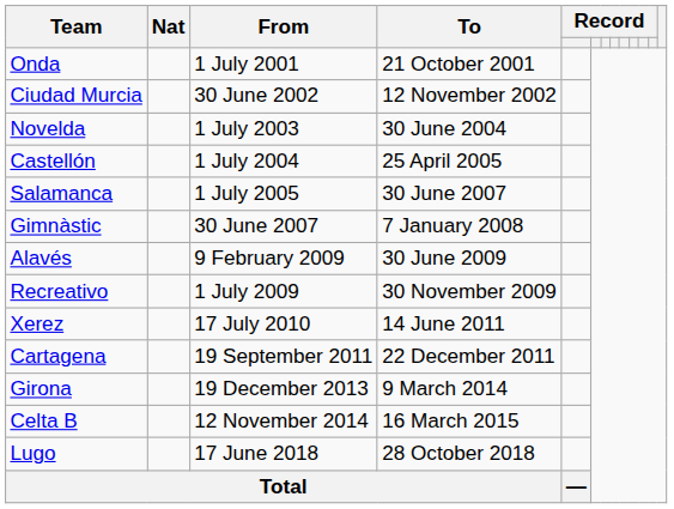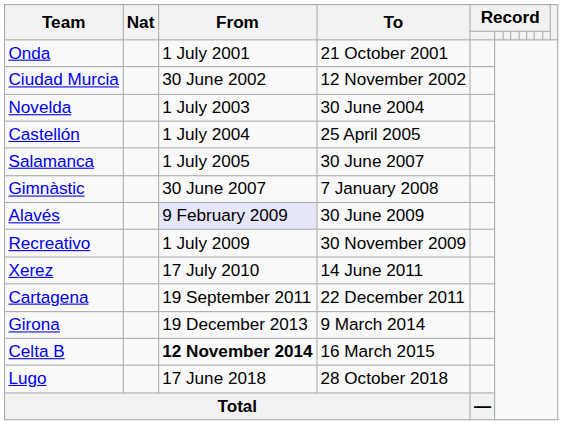 <table class="wikitable" style="text-align: center">
 <tr>
 <th rowspan="2">Team</th>
 <th rowspan="2">Nat</th>
 <th rowspan="2">From</th>
 <th rowspan="2">To</th>
 <th colspan="8">Record</th>
 <th rowspan=2></th>
 </tr>
 <tr>
 <th></th>
 <th></th>
 <th></th>
 <th></th>
 <th></th>
 <th></th>
 <th></th>
 <th></th>
 </tr>
 <tr>
 <td align=left><a href='#'>Onda</a></td>
 <td></td>
 <td align=left>1 July 2001</td>
 <td align=left>21 October 2001<br></td>
 <td></td>
 </tr>
 <tr>
 <td align=left><a href='#'>Ciudad Murcia</a></td>
 <td></td>
 <td align=left>30 June 2002</td>
 <td align=left>12 November 2002<br></td>
 <td></td>
 </tr>
 <tr>
 <td align=left><a href='#'>Novelda</a></td>
 <td></td>
 <td align=left>1 July 2003</td>
 <td align=left>30 June 2004<br></td>
 <td></td>
 </tr>
 <tr>
 <td align=left><a href='#'>Castellón</a></td>
 <td></td>
 <td align=left>1 July 2004</td>
 <td align=left>25 April 2005<br></td>
 <td></td>
 </tr>
 <tr>
 <td align=left><a href='#'>Salamanca</a></td>
 <td></td>
 <td align=left>1 July 2005</td>
 <td align=left>30 June 2007<br></td>
 <td></td>
 </tr>
 <tr>
 <td align=left><a href='#'>Gimnàstic</a></td>
 <td></td>
 <td align=left>30 June 2007</td>
 <td align=left>7 January 2008<br></td>
 <td></td>
 </tr>
 <tr>
 <td align=left><a href='#'>Alavés</a></td>
 <td></td>
-<td align=left>9 February 2009</td>
+<td align=left style="background: lavender;">9 February 2009</td>
 <td align=left>30 June 2009<br></td>
 <td></td>
 </tr>
 <tr>
 <td align=left><a href='#'>Recreativo</a></td>
 <td></td>
 <td align=left>1 July 2009</td>
 <td align=left>30 November 2009<br></td>
 <td></td>
 </tr>
 <tr>
 <td align=left><a href='#'>Xerez</a></td>
 <td></td>
 <td align=left>17 July 2010</td>
 <td align=left>14 June 2011<br></td>
 <td></td>
 </tr>
 <tr>
 <td align=left><a href='#'>Cartagena</a></td>
 <td></td>
 <td align=left>19 September 2011</td>
 <td align=left>22 December 2011<br></td>
 <td></td>
 </tr>
 <tr>
 <td align=left><a href='#'>Girona</a></td>
 <td></td>
 <td align=left>19 December 2013</td>
 <td align=left>9 March 2014<br></td>
 <td></td>
 </tr>
 <tr>
 <td align=left><a href='#'>Celta B</a></td>
 <td></td>
-<td align=left>12 November 2014</td>
+<td align=left><strong>12 November 2014</strong></td>
 <td align=left>16 March 2015<br></td>
 <td></td>
 </tr>
 <tr>
 <td align=left><a href='#'>Lugo</a></td>
 <td></td>
 <td align=left>17 June 2018</td>
 <td align=left>28 October 2018<br></td>
 <td></td>
 </tr>
 <tr>
 <th colspan="4">Total<br></th>
 <th>—</th>
 </tr>
 </table>
